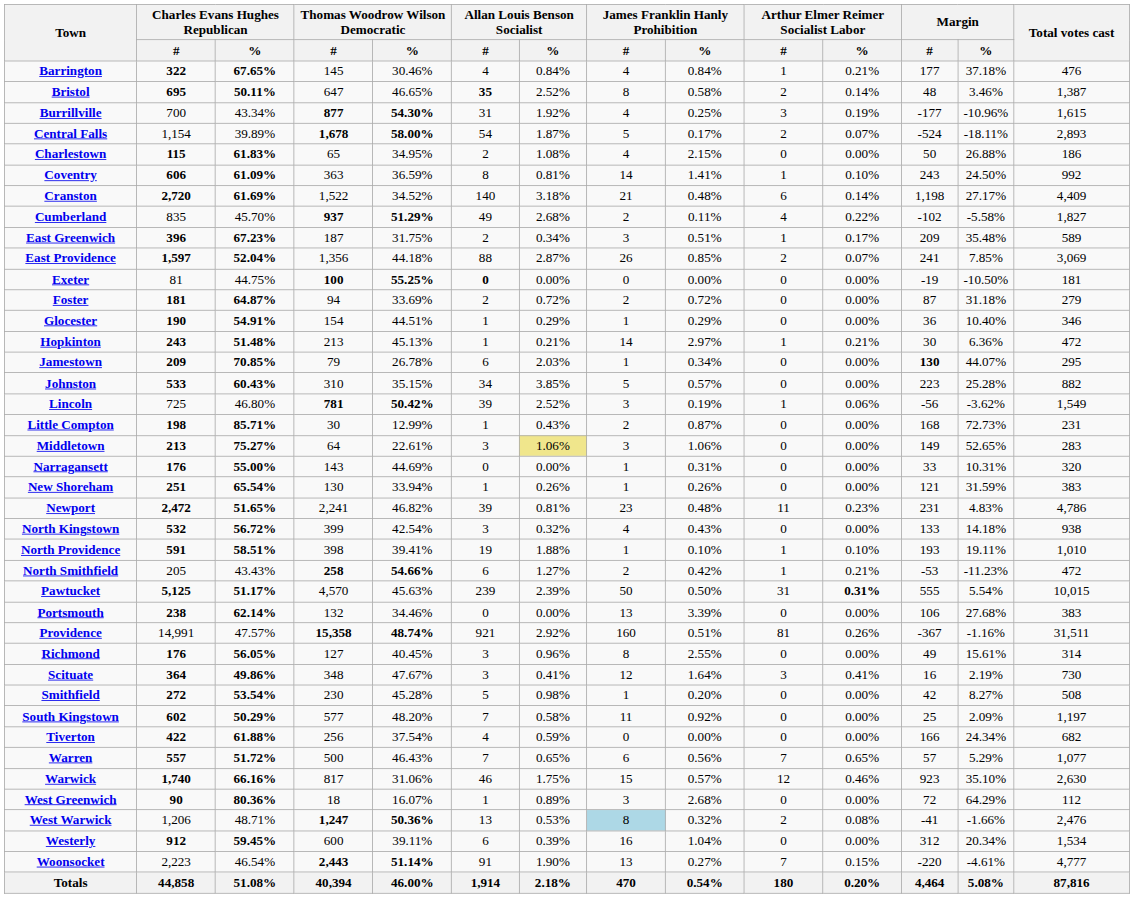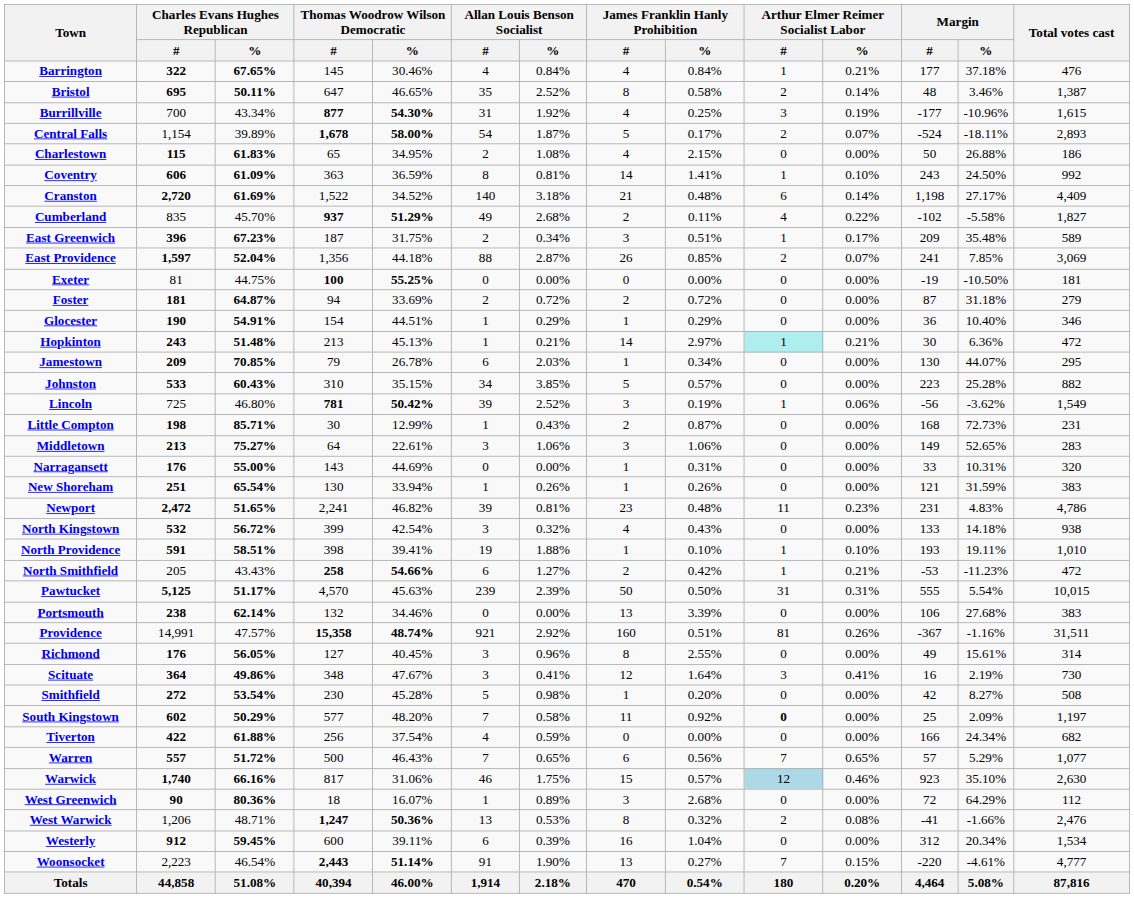 <table class="wikitable sortable" style="text-align:center">
 <tr>
 <th rowspan="2">Town</th>
 <th style="text-align:center;" colspan="2">Charles Evans Hughes<br>Republican</th>
 <th style="text-align:center;" colspan="2">Thomas Woodrow Wilson<br>Democratic</th>
 <th style="text-align:center;" colspan="2">Allan Louis Benson<br>Socialist</th>
 <th style="text-align:center;" colspan="2">James Franklin Hanly<br>Prohibition</th>
 <th style="text-align:center;" colspan="2">Arthur Elmer Reimer<br>Socialist Labor</th>
 <th style="text-align:center;" colspan="2">Margin</th>
 <th rowspan="2" style="text-align:center;" data-sort-type="number">Total votes cast</th>
 </tr>
 <tr>
 <th data-sort-type="number" width="7%">#</th>
 <th data-sort-type="number" width="7%">%</th>
 <th data-sort-type="number" width="7%">#</th>
 <th data-sort-type="number" width="7%">%</th>
 <th data-sort-type="number" width="6%">#</th>
 <th data-sort-type="number" width="6%">%</th>
 <th data-sort-type="number" width="7%">#</th>
 <th data-sort-type="number" width="7%">%</th>
 <th data-sort-type="number" width="7%">#</th>
 <th data-sort-type="number" width="7%">%</th>
 <th data-sort-type="number" width="5%">#</th>
 <th data-sort-type="number" width="5%">%</th>
 </tr>
 <tr style="text-align:center;">
 <td><strong><a href='#'>Barrington</a></strong></td>
 <td><strong>322</strong></td>
 <td><strong>67.65%</strong></td>
 <td>145</td>
 <td>30.46%</td>
 <td>4</td>
 <td>0.84%</td>
 <td>4</td>
 <td>0.84%</td>
 <td>1</td>
 <td>0.21%</td>
 <td>177</td>
 <td>37.18%</td>
 <td>476</td>
 </tr>
 <tr style="text-align:center;">
 <td><strong><a href='#'>Bristol</a></strong></td>
 <td><strong>695</strong></td>
 <td><strong>50.11%</strong></td>
 <td>647</td>
 <td>46.65%</td>
-<td><strong>35</strong></td>
+<td>35</td>
 <td>2.52%</td>
 <td>8</td>
 <td>0.58%</td>
 <td>2</td>
 <td>0.14%</td>
 <td>48</td>
 <td>3.46%</td>
 <td>1,387</td>
 </tr>
 <tr style="text-align:center;">
 <td><strong><a href='#'>Burrillville</a></strong></td>
 <td>700</td>
 <td>43.34%</td>
 <td><strong>877</strong></td>
 <td><strong>54.30%</strong></td>
 <td>31</td>
 <td>1.92%</td>
 <td>4</td>
 <td>0.25%</td>
 <td>3</td>
 <td>0.19%</td>
 <td>-177</td>
 <td>-10.96%</td>
 <td>1,615</td>
 </tr>
 <tr style="text-align:center;">
 <td><strong><a href='#'>Central Falls</a></strong></td>
 <td>1,154</td>
 <td>39.89%</td>
 <td><strong>1,678</strong></td>
 <td><strong>58.00%</strong></td>
 <td>54</td>
 <td>1.87%</td>
 <td>5</td>
 <td>0.17%</td>
 <td>2</td>
 <td>0.07%</td>
 <td>-524</td>
 <td>-18.11%</td>
 <td>2,893</td>
 </tr>
 <tr style="text-align:center;">
 <td><strong><a href='#'>Charlestown</a></strong></td>
 <td><strong>115</strong></td>
 <td><strong>61.83%</strong></td>
 <td>65</td>
 <td>34.95%</td>
 <td>2</td>
 <td>1.08%</td>
 <td>4</td>
 <td>2.15%</td>
 <td>0</td>
 <td>0.00%</td>
 <td>50</td>
 <td>26.88%</td>
 <td>186</td>
 </tr>
 <tr style="text-align:center;">
 <td><strong><a href='#'>Coventry</a></strong></td>
 <td><strong>606</strong></td>
 <td><strong>61.09%</strong></td>
 <td>363</td>
 <td>36.59%</td>
 <td>8</td>
 <td>0.81%</td>
 <td>14</td>
 <td>1.41%</td>
 <td>1</td>
 <td>0.10%</td>
 <td>243</td>
 <td>24.50%</td>
 <td>992</td>
 </tr>
 <tr style="text-align:center;">
 <td><strong><a href='#'>Cranston</a></strong></td>
 <td><strong>2,720</strong></td>
 <td><strong>61.69%</strong></td>
 <td>1,522</td>
 <td>34.52%</td>
 <td>140</td>
 <td>3.18%</td>
 <td>21</td>
 <td>0.48%</td>
 <td>6</td>
 <td>0.14%</td>
 <td>1,198</td>
 <td>27.17%</td>
 <td>4,409</td>
 </tr>
 <tr style="text-align:center;">
 <td><strong><a href='#'>Cumberland</a></strong></td>
 <td>835</td>
 <td>45.70%</td>
 <td><strong>937</strong></td>
 <td><strong>51.29%</strong></td>
 <td>49</td>
 <td>2.68%</td>
 <td>2</td>
 <td>0.11%</td>
 <td>4</td>
 <td>0.22%</td>
 <td>-102</td>
 <td>-5.58%</td>
 <td>1,827</td>
 </tr>
 <tr style="text-align:center;">
 <td><strong><a href='#'>East Greenwich</a></strong></td>
 <td><strong>396</strong></td>
 <td><strong>67.23%</strong></td>
 <td>187</td>
 <td>31.75%</td>
 <td>2</td>
 <td>0.34%</td>
 <td>3</td>
 <td>0.51%</td>
 <td>1</td>
 <td>0.17%</td>
 <td>209</td>
 <td>35.48%</td>
 <td>589</td>
 </tr>
 <tr style="text-align:center;">
 <td><strong><a href='#'>East Providence</a></strong></td>
 <td><strong>1,597</strong></td>
 <td><strong>52.04%</strong></td>
 <td>1,356</td>
 <td>44.18%</td>
 <td>88</td>
 <td>2.87%</td>
 <td>26</td>
 <td>0.85%</td>
 <td>2</td>
 <td>0.07%</td>
 <td>241</td>
 <td>7.85%</td>
 <td>3,069</td>
 </tr>
 <tr style="text-align:center;">
 <td><strong><a href='#'>Exeter</a></strong></td>
 <td>81</td>
 <td>44.75%</td>
 <td><strong>100</strong></td>
 <td><strong>55.25%</strong></td>
-<td><strong>0</strong></td>
+<td>0</td>
 <td>0.00%</td>
 <td>0</td>
 <td>0.00%</td>
 <td>0</td>
 <td>0.00%</td>
 <td>-19</td>
 <td>-10.50%</td>
 <td>181</td>
 </tr>
 <tr style="text-align:center;">
 <td><strong><a href='#'>Foster</a></strong></td>
 <td><strong>181</strong></td>
 <td><strong>64.87%</strong></td>
 <td>94</td>
 <td>33.69%</td>
 <td>2</td>
 <td>0.72%</td>
 <td>2</td>
 <td>0.72%</td>
 <td>0</td>
 <td>0.00%</td>
 <td>87</td>
 <td>31.18%</td>
 <td>279</td>
 </tr>
 <tr style="text-align:center;">
 <td><strong><a href='#'>Glocester</a></strong></td>
 <td><strong>190</strong></td>
 <td><strong>54.91%</strong></td>
 <td>154</td>
 <td>44.51%</td>
 <td>1</td>
 <td>0.29%</td>
 <td>1</td>
 <td>0.29%</td>
 <td>0</td>
 <td>0.00%</td>
 <td>36</td>
 <td>10.40%</td>
 <td>346</td>
 </tr>
 <tr style="text-align:center;">
 <td><strong><a href='#'>Hopkinton</a></strong></td>
 <td><strong>243</strong></td>
 <td><strong>51.48%</strong></td>
 <td>213</td>
 <td>45.13%</td>
 <td>1</td>
 <td>0.21%</td>
 <td>14</td>
 <td>2.97%</td>
-<td>1</td>
+<td style="background: paleturquoise;">1</td>
 <td>0.21%</td>
 <td>30</td>
 <td>6.36%</td>
 <td>472</td>
 </tr>
 <tr style="text-align:center;">
 <td><strong><a href='#'>Jamestown</a></strong></td>
 <td><strong>209</strong></td>
 <td><strong>70.85%</strong></td>
 <td>79</td>
 <td>26.78%</td>
 <td>6</td>
 <td>2.03%</td>
 <td>1</td>
 <td>0.34%</td>
 <td>0</td>
 <td>0.00%</td>
-<td><strong>130</strong></td>
+<td>130</td>
 <td>44.07%</td>
 <td>295</td>
 </tr>
 <tr style="text-align:center;">
 <td><strong><a href='#'>Johnston</a></strong></td>
 <td><strong>533</strong></td>
 <td><strong>60.43%</strong></td>
 <td>310</td>
 <td>35.15%</td>
 <td>34</td>
 <td>3.85%</td>
 <td>5</td>
 <td>0.57%</td>
 <td>0</td>
 <td>0.00%</td>
 <td>223</td>
 <td>25.28%</td>
 <td>882</td>
 </tr>
 <tr style="text-align:center;">
 <td><strong><a href='#'>Lincoln</a></strong></td>
 <td>725</td>
 <td>46.80%</td>
 <td><strong>781</strong></td>
 <td><strong>50.42%</strong></td>
 <td>39</td>
 <td>2.52%</td>
 <td>3</td>
 <td>0.19%</td>
 <td>1</td>
 <td>0.06%</td>
 <td>-56</td>
 <td>-3.62%</td>
 <td>1,549</td>
 </tr>
 <tr style="text-align:center;">
 <td><strong><a href='#'>Little Compton</a></strong></td>
 <td><strong>198</strong></td>
 <td><strong>85.71%</strong></td>
 <td>30</td>
 <td>12.99%</td>
 <td>1</td>
 <td>0.43%</td>
 <td>2</td>
 <td>0.87%</td>
 <td>0</td>
 <td>0.00%</td>
 <td>168</td>
 <td>72.73%</td>
 <td>231</td>
 </tr>
 <tr style="text-align:center;">
 <td><strong><a href='#'>Middletown</a></strong></td>
 <td><strong>213</strong></td>
 <td><strong>75.27%</strong></td>
 <td>64</td>
 <td>22.61%</td>
 <td>3</td>
-<td style="background: khaki;">1.06%</td>
+<td>1.06%</td>
 <td>3</td>
 <td>1.06%</td>
 <td>0</td>
 <td>0.00%</td>
 <td>149</td>
 <td>52.65%</td>
 <td>283</td>
 </tr>
 <tr style="text-align:center;">
 <td><strong><a href='#'>Narragansett</a></strong></td>
 <td><strong>176</strong></td>
 <td><strong>55.00%</strong></td>
 <td>143</td>
 <td>44.69%</td>
 <td>0</td>
 <td>0.00%</td>
 <td>1</td>
 <td>0.31%</td>
 <td>0</td>
 <td>0.00%</td>
 <td>33</td>
 <td>10.31%</td>
 <td>320</td>
 </tr>
 <tr style="text-align:center;">
 <td><strong><a href='#'>New Shoreham</a></strong></td>
 <td><strong>251</strong></td>
 <td><strong>65.54%</strong></td>
 <td>130</td>
 <td>33.94%</td>
 <td>1</td>
 <td>0.26%</td>
 <td>1</td>
 <td>0.26%</td>
 <td>0</td>
 <td>0.00%</td>
 <td>121</td>
 <td>31.59%</td>
 <td>383</td>
 </tr>
 <tr style="text-align:center;">
 <td><strong><a href='#'>Newport</a></strong></td>
 <td><strong>2,472</strong></td>
 <td><strong>51.65%</strong></td>
 <td>2,241</td>
 <td>46.82%</td>
 <td>39</td>
 <td>0.81%</td>
 <td>23</td>
 <td>0.48%</td>
 <td>11</td>
 <td>0.23%</td>
 <td>231</td>
 <td>4.83%</td>
 <td>4,786</td>
 </tr>
 <tr style="text-align:center;">
 <td><strong><a href='#'>North Kingstown</a></strong></td>
 <td><strong>532</strong></td>
 <td><strong>56.72%</strong></td>
 <td>399</td>
 <td>42.54%</td>
 <td>3</td>
 <td>0.32%</td>
 <td>4</td>
 <td>0.43%</td>
 <td>0</td>
 <td>0.00%</td>
 <td>133</td>
 <td>14.18%</td>
 <td>938</td>
 </tr>
 <tr style="text-align:center;">
 <td><strong><a href='#'>North Providence</a></strong></td>
 <td><strong>591</strong></td>
 <td><strong>58.51%</strong></td>
 <td>398</td>
 <td>39.41%</td>
 <td>19</td>
 <td>1.88%</td>
 <td>1</td>
 <td>0.10%</td>
 <td>1</td>
 <td>0.10%</td>
 <td>193</td>
 <td>19.11%</td>
 <td>1,010</td>
 </tr>
 <tr style="text-align:center;">
 <td><strong><a href='#'>North Smithfield</a></strong></td>
 <td>205</td>
 <td>43.43%</td>
 <td><strong>258</strong></td>
 <td><strong>54.66%</strong></td>
 <td>6</td>
 <td>1.27%</td>
 <td>2</td>
 <td>0.42%</td>
 <td>1</td>
 <td>0.21%</td>
 <td>-53</td>
 <td>-11.23%</td>
 <td>472</td>
 </tr>
 <tr style="text-align:center;">
 <td><strong><a href='#'>Pawtucket</a></strong></td>
 <td><strong>5,125</strong></td>
 <td><strong>51.17%</strong></td>
 <td>4,570</td>
 <td>45.63%</td>
 <td>239</td>
 <td>2.39%</td>
 <td>50</td>
 <td>0.50%</td>
 <td>31</td>
-<td><strong>0.31%</strong></td>
+<td>0.31%</td>
 <td>555</td>
 <td>5.54%</td>
 <td>10,015</td>
 </tr>
 <tr style="text-align:center;">
 <td><strong><a href='#'>Portsmouth</a></strong></td>
 <td><strong>238</strong></td>
 <td><strong>62.14%</strong></td>
 <td>132</td>
 <td>34.46%</td>
 <td>0</td>
 <td>0.00%</td>
 <td>13</td>
 <td>3.39%</td>
 <td>0</td>
 <td>0.00%</td>
 <td>106</td>
 <td>27.68%</td>
 <td>383</td>
 </tr>
 <tr style="text-align:center;">
 <td><strong><a href='#'>Providence</a></strong></td>
 <td>14,991</td>
 <td>47.57%</td>
 <td><strong>15,358</strong></td>
 <td><strong>48.74%</strong></td>
 <td>921</td>
 <td>2.92%</td>
 <td>160</td>
 <td>0.51%</td>
 <td>81</td>
 <td>0.26%</td>
 <td>-367</td>
 <td>-1.16%</td>
 <td>31,511</td>
 </tr>
 <tr style="text-align:center;">
 <td><strong><a href='#'>Richmond</a></strong></td>
 <td><strong>176</strong></td>
 <td><strong>56.05%</strong></td>
 <td>127</td>
 <td>40.45%</td>
 <td>3</td>
 <td>0.96%</td>
 <td>8</td>
 <td>2.55%</td>
 <td>0</td>
 <td>0.00%</td>
 <td>49</td>
 <td>15.61%</td>
 <td>314</td>
 </tr>
 <tr style="text-align:center;">
 <td><strong><a href='#'>Scituate</a></strong></td>
 <td><strong>364</strong></td>
 <td><strong>49.86%</strong></td>
 <td>348</td>
 <td>47.67%</td>
 <td>3</td>
 <td>0.41%</td>
 <td>12</td>
 <td>1.64%</td>
 <td>3</td>
 <td>0.41%</td>
 <td>16</td>
 <td>2.19%</td>
 <td>730</td>
 </tr>
 <tr style="text-align:center;">
 <td><strong><a href='#'>Smithfield</a></strong></td>
 <td><strong>272</strong></td>
 <td><strong>53.54%</strong></td>
 <td>230</td>
 <td>45.28%</td>
 <td>5</td>
 <td>0.98%</td>
 <td>1</td>
 <td>0.20%</td>
 <td>0</td>
 <td>0.00%</td>
 <td>42</td>
 <td>8.27%</td>
 <td>508</td>
 </tr>
 <tr style="text-align:center;">
 <td><strong><a href='#'>South Kingstown</a></strong></td>
 <td><strong>602</strong></td>
 <td><strong>50.29%</strong></td>
 <td>577</td>
 <td>48.20%</td>
 <td>7</td>
 <td>0.58%</td>
 <td>11</td>
 <td>0.92%</td>
-<td>0</td>
+<td><strong>0</strong></td>
 <td>0.00%</td>
 <td>25</td>
 <td>2.09%</td>
 <td>1,197</td>
 </tr>
 <tr style="text-align:center;">
 <td><strong><a href='#'>Tiverton</a></strong></td>
 <td><strong>422</strong></td>
 <td><strong>61.88%</strong></td>
 <td>256</td>
 <td>37.54%</td>
 <td>4</td>
 <td>0.59%</td>
 <td>0</td>
 <td>0.00%</td>
 <td>0</td>
 <td>0.00%</td>
 <td>166</td>
 <td>24.34%</td>
 <td>682</td>
 </tr>
 <tr style="text-align:center;">
 <td><strong><a href='#'>Warren</a></strong></td>
 <td><strong>557</strong></td>
 <td><strong>51.72%</strong></td>
 <td>500</td>
 <td>46.43%</td>
 <td>7</td>
 <td>0.65%</td>
 <td>6</td>
 <td>0.56%</td>
 <td>7</td>
 <td>0.65%</td>
 <td>57</td>
 <td>5.29%</td>
 <td>1,077</td>
 </tr>
 <tr style="text-align:center;">
 <td><strong><a href='#'>Warwick</a></strong></td>
 <td><strong>1,740</strong></td>
 <td><strong>66.16%</strong></td>
 <td>817</td>
 <td>31.06%</td>
 <td>46</td>
 <td>1.75%</td>
 <td>15</td>
 <td>0.57%</td>
-<td>12</td>
+<td style="background: lightblue;">12</td>
 <td>0.46%</td>
 <td>923</td>
 <td>35.10%</td>
 <td>2,630</td>
 </tr>
 <tr style="text-align:center;">
 <td><strong><a href='#'>West Greenwich</a></strong></td>
 <td><strong>90</strong></td>
 <td><strong>80.36%</strong></td>
 <td>18</td>
 <td>16.07%</td>
 <td>1</td>
 <td>0.89%</td>
 <td>3</td>
 <td>2.68%</td>
 <td>0</td>
 <td>0.00%</td>
 <td>72</td>
 <td>64.29%</td>
 <td>112</td>
 </tr>
 <tr style="text-align:center;">
 <td><strong><a href='#'>West Warwick</a></strong></td>
 <td>1,206</td>
 <td>48.71%</td>
 <td><strong>1,247</strong></td>
 <td><strong>50.36%</strong></td>
 <td>13</td>
 <td>0.53%</td>
-<td style="background: lightblue;">8</td>
+<td>8</td>
 <td>0.32%</td>
 <td>2</td>
 <td>0.08%</td>
 <td>-41</td>
 <td>-1.66%</td>
 <td>2,476</td>
 </tr>
 <tr style="text-align:center;">
 <td><strong><a href='#'>Westerly</a></strong></td>
 <td><strong>912</strong></td>
 <td><strong>59.45%</strong></td>
 <td>600</td>
 <td>39.11%</td>
 <td>6</td>
 <td>0.39%</td>
 <td>16</td>
 <td>1.04%</td>
 <td>0</td>
 <td>0.00%</td>
 <td>312</td>
 <td>20.34%</td>
 <td>1,534</td>
 </tr>
 <tr style="text-align:center;">
 <td><strong><a href='#'>Woonsocket</a></strong></td>
 <td>2,223</td>
 <td>46.54%</td>
 <td><strong>2,443</strong></td>
 <td><strong>51.14%</strong></td>
 <td>91</td>
 <td>1.90%</td>
 <td>13</td>
 <td>0.27%</td>
 <td>7</td>
 <td>0.15%</td>
 <td>-220</td>
 <td>-4.61%</td>
 <td>4,777</td>
 </tr>
 <tr style="text-align:center;">
 <th>Totals</th>
 <th>44,858</th>
 <th>51.08%</th>
 <th>40,394</th>
 <th>46.00%</th>
 <th>1,914</th>
 <th>2.18%</th>
 <th>470</th>
 <th>0.54%</th>
 <th>180</th>
 <th>0.20%</th>
 <th>4,464</th>
 <th>5.08%</th>
 <th>87,816</th>
 </tr>
 </table>
